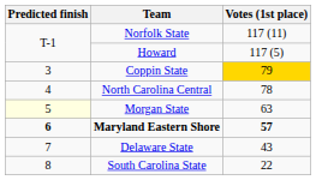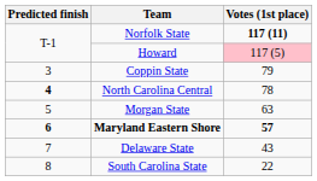 <table class="wikitable" border="1">
 <tr align=center>
 <th>Predicted finish</th>
 <th>Team</th>
 <th>Votes (1st place)</th>
 </tr>
 <tr align="center">
 <td rowspan=2>T-1</td>
 <td><a href='#'>Norfolk State</a></td>
-<td>117 (11)</td>
+<td><strong>117 (11)</strong></td>
 </tr>
 <tr align="center">
 <td><a href='#'>Howard</a></td>
-<td>117 (5)</td>
+<td style="background: pink;">117 (5)</td>
 </tr>
 <tr align="center">
 <td>3</td>
 <td><a href='#'>Coppin State</a></td>
-<td style="background: gold;">79</td>
+<td>79</td>
 </tr>
 <tr align="center">
-<td>4</td>
+<td><strong>4</strong></td>
 <td><a href='#'>North Carolina Central</a></td>
 <td>78</td>
 </tr>
 <tr align="center">
-<td style="background: lightyellow;">5</td>
+<td>5</td>
 <td><a href='#'>Morgan State</a></td>
 <td>63</td>
 </tr>
 <tr align="center">
 <td><strong>6</strong></td>
 <td><strong>Maryland Eastern Shore</strong></td>
 <td><strong>57</strong></td>
 </tr>
 <tr align="center">
 <td>7</td>
 <td><a href='#'>Delaware State</a></td>
 <td>43</td>
 </tr>
 <tr align="center">
 <td>8</td>
 <td><a href='#'>South Carolina State</a></td>
 <td>22</td>
 </tr>
 </table>
